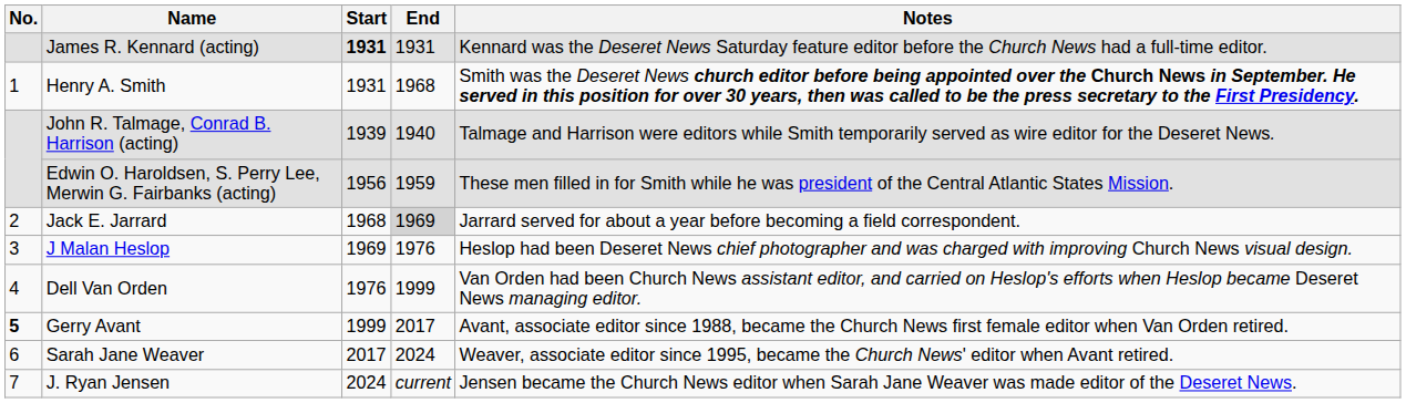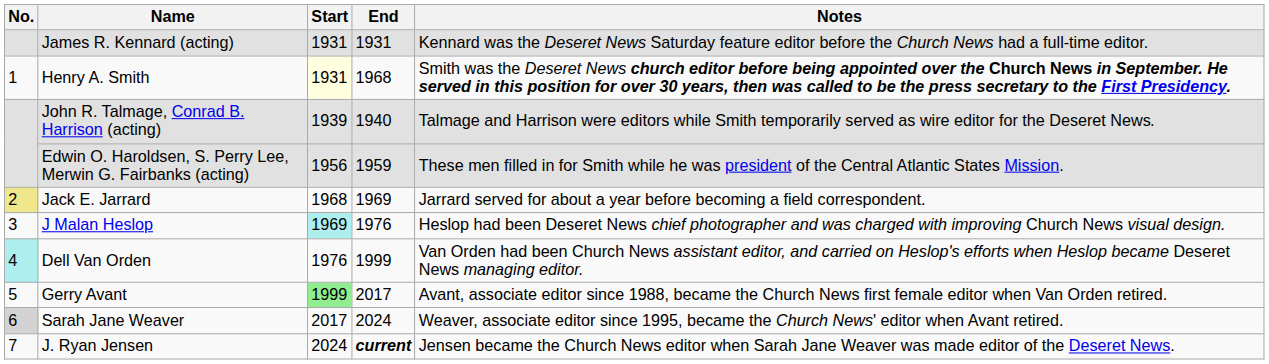 <table class="wikitable">
 <tr>
 <th>No.</th>
 <th>Name</th>
 <th>Start</th>
 <th>End</th>
 <th>Notes</th>
 </tr>
 <tr>
 <td style="background:#e1e1e1;"></td>
 <td style="background:#e1e1e1;">James R. Kennard (acting)</td>
-<td style="background:#e1e1e1;"><strong>1931</strong></td>
+<td style="background:#e1e1e1;">1931</td>
 <td style="background:#e1e1e1;">1931</td>
 <td style="background:#e1e1e1;">Kennard was the <em>Deseret News</em> Saturday feature editor before the <em>Church News</em> had a full-time editor.</td>
 </tr>
 <tr>
 <td>1</td>
 <td>Henry A. Smith</td>
-<td>1931</td>
+<td style="background: lightyellow;">1931</td>
 <td>1968</td>
 <td>Smith was the <em>Deseret News<strong> church editor before being appointed over the </em>Church News<em> in September. He served in this position for over 30 years, then was called to be the press secretary to the <a href='#'>First Presidency</a>.</td>
 </tr>
 <tr>
 <td rowspan="2" style="background:#e1e1e1;"></td>
 <td style="background:#e1e1e1;">John R. Talmage, <a href='#'>Conrad B. Harrison</a> (acting)</td>
 <td style="background:#e1e1e1;">1939</td>
 <td style="background:#e1e1e1;">1940</td>
 <td style="background:#e1e1e1;">Talmage and Harrison were editors while Smith temporarily served as wire editor for the </em>Deseret News<em>.</td>
 </tr>
 <tr>
 <td style="background:#e1e1e1;">Edwin O. Haroldsen, S. Perry Lee, Merwin G. Fairbanks (acting)</td>
 <td style="background:#e1e1e1;">1956</td>
 <td style="background:#e1e1e1;">1959</td>
 <td style="background:#e1e1e1;">These men filled in for Smith while he was <a href='#'>president</a> of the Central Atlantic States <a href='#'>Mission</a>.</td>
 </tr>
 <tr>
-<td>2</td>
+<td style="background: khaki;">2</td>
 <td>Jack E. Jarrard</td>
 <td>1968</td>
-<td style="background: lightgrey;">1969</td>
+<td>1969</td>
 <td>Jarrard served for about a year before becoming a field correspondent.</td>
 </tr>
 <tr>
 <td>3</td>
 <td><a href='#'>J Malan Heslop</a></td>
-<td>1969</td>
+<td style="background: paleturquoise;">1969</td>
 <td>1976</td>
 <td>Heslop had been </em>Deseret News<em> chief photographer and was charged with improving </em>Church News<em> visual design.</td>
 </tr>
 <tr>
-<td>4</td>
+<td style="background: paleturquoise;">4</td>
 <td>Dell Van Orden</td>
 <td>1976</td>
 <td>1999</td>
 <td>Van Orden had been </em>Church News<em> assistant editor, and carried on Heslop's efforts when Heslop became </em>Deseret News<em> managing editor.</td>
 </tr>
 <tr>
-<td><strong>5</strong></td>
+<td>5</td>
 <td>Gerry Avant</td>
-<td>1999</td>
+<td style="background: lightgreen;">1999</td>
 <td>2017</td>
 <td>Avant, associate editor since 1988, became the </em>Church News</strong> first female editor when Van Orden retired.</td>
 </tr>
 <tr>
-<td>6</td>
+<td style="background: lightgrey;">6</td>
 <td>Sarah Jane Weaver</td>
 <td>2017</td>
 <td>2024</td>
 <td>Weaver, associate editor since 1995, became the <em>Church News</em>' editor when Avant retired.</td>
 </tr>
 <tr>
 <td>7</td>
 <td>J. Ryan Jensen</td>
 <td>2024</td>
-<td><em>current</em></td>
+<td><strong><em>current</em></strong></td>
 <td>Jensen became the Church News editor when Sarah Jane Weaver was made editor of the <a href='#'>Deseret News</a>.</td>
 </tr>
 </table>
